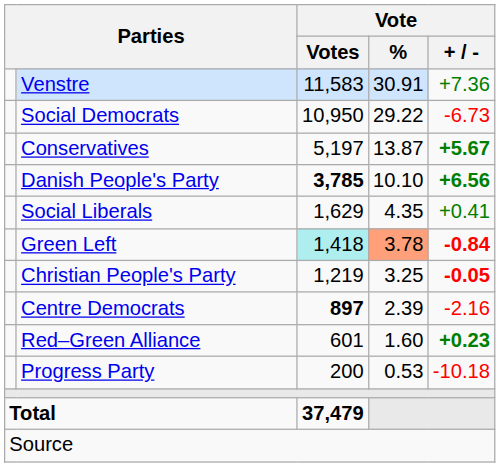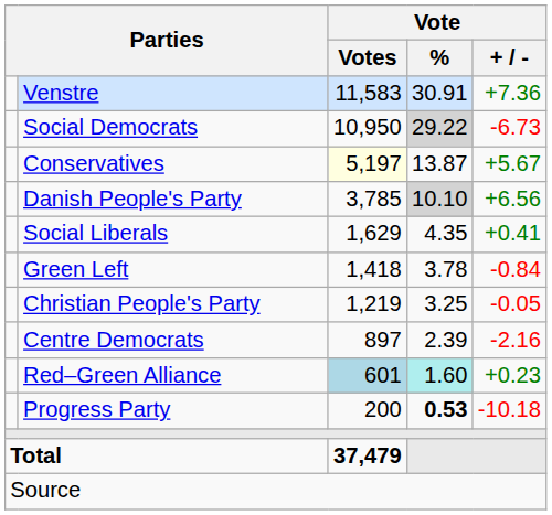 <table class="wikitable" style="text-align:right;">
 <tr>
 <th style="text-align:centre;" rowspan="2" colspan="2" width="225">Parties</th>
 <th colspan="3">Vote</th>
 </tr>
 <tr>
 <th width="15">Votes</th>
 <th width="15">%</th>
 <th width="15">+ / -</th>
 </tr>
 <tr>
 <td width="2" style="color:inherit;background:"></td>
 <td bgcolor=#cfe5fe  align="left"><a href='#'>Venstre</a></td>
 <td bgcolor=#cfe5fe>11,583</td>
 <td bgcolor=#cfe5fe>30.91</td>
 <td style=color:green;>+7.36</td>
 </tr>
 <tr>
 <td width="2" style="color:inherit;background:"></td>
 <td align="left"><a href='#'>Social Democrats</a></td>
 <td>10,950</td>
-<td>29.22</td>
+<td style="background: lightgrey;">29.22</td>
 <td style=color:red;>-6.73</td>
 </tr>
 <tr>
 <td width="2" style="color:inherit;background:"></td>
 <td align="left"><a href='#'>Conservatives</a></td>
-<td>5,197</td>
+<td style="background: lightyellow;">5,197</td>
 <td>13.87</td>
-<td style=color:green;><strong>+5.67</strong></td>
+<td style=color:green;>+5.67</td>
 </tr>
 <tr>
 <td width="2" style="color:inherit;background:"></td>
 <td align="left"><a href='#'>Danish People's Party</a></td>
-<td><strong>3,785</strong></td>
-<td>10.10</td>
-<td style=color:green;><strong>+6.56</strong></td>
+<td>3,785</td>
+<td style="background: lightgrey;">10.10</td>
+<td style=color:green;>+6.56</td>
 </tr>
 <tr>
 <td width="2" style="color:inherit;background:"></td>
 <td align="left"><a href='#'>Social Liberals</a></td>
 <td>1,629</td>
 <td>4.35</td>
 <td style=color:green;>+0.41</td>
 </tr>
 <tr>
 <td width="2" style="color:inherit;background:"></td>
 <td align="left"><a href='#'>Green Left</a></td>
-<td style="background: paleturquoise;">1,418</td>
-<td style="background: lightsalmon;">3.78</td>
-<td style=color:red;><strong>-0.84</strong></td>
+<td>1,418</td>
+<td>3.78</td>
+<td style=color:red;>-0.84</td>
 </tr>
 <tr>
 <td width="2" style="color:inherit;background:"></td>
 <td align="left"><a href='#'>Christian People's Party</a></td>
 <td>1,219</td>
 <td>3.25</td>
-<td style=color:red;><strong>-0.05</strong></td>
+<td style=color:red;>-0.05</td>
 </tr>
 <tr>
 <td width="2" style="color:inherit;background:"></td>
 <td align="left"><a href='#'>Centre Democrats</a></td>
-<td><strong>897</strong></td>
+<td>897</td>
 <td>2.39</td>
 <td style=color:red;>-2.16</td>
 </tr>
 <tr>
 <td width="2" style="color:inherit;background:"></td>
 <td align="left"><a href='#'>Red–Green Alliance</a></td>
-<td>601</td>
-<td>1.60</td>
-<td style=color:green;><strong>+0.23</strong></td>
+<td style="background: lightblue;">601</td>
+<td style="background: paleturquoise;">1.60</td>
+<td style=color:green;>+0.23</td>
 </tr>
 <tr>
 <td width="2" style="color:inherit;background:"></td>
 <td align="left"><a href='#'>Progress Party</a></td>
 <td>200</td>
-<td>0.53</td>
+<td><strong>0.53</strong></td>
 <td style=color:red;>-10.18</td>
 </tr>
 <tr>
 <td colspan="7" bgcolor="#E9E9E9"></td>
 </tr>
 <tr>
 <td align="left" colspan="2"><strong>Total</strong></td>
 <td><strong>37,479</strong></td>
 <td bgcolor="#E9E9E9" colspan="2"></td>
 </tr>
 <tr>
 <td align="left" colspan="6">Source</td>
 </tr>
 </table>
